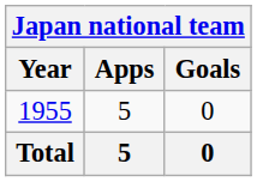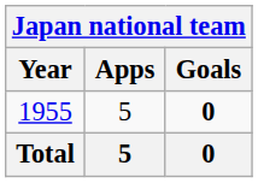 <table class="wikitable" style="text-align:center">
 <tr>
 <th colspan=3><a href='#'>Japan national team</a></th>
 </tr>
 <tr>
 <th>Year</th>
 <th>Apps</th>
 <th>Goals</th>
 </tr>
 <tr>
 <td><a href='#'>1955</a></td>
 <td>5</td>
-<td>0</td>
+<td><strong>0</strong></td>
 </tr>
 <tr>
 <th>Total</th>
 <th>5</th>
 <th>0</th>
 </tr>
 </table>
